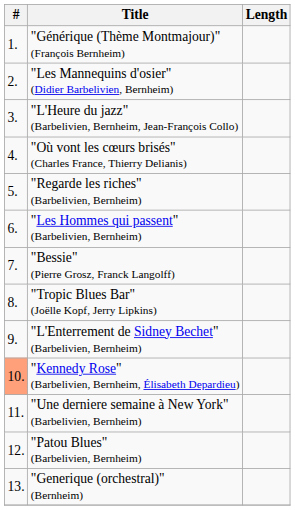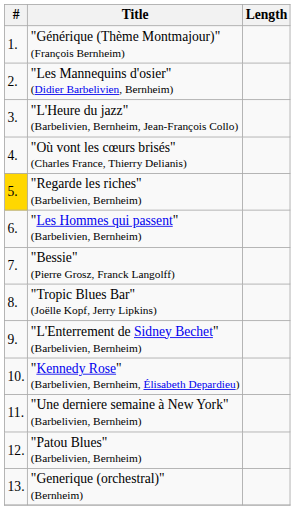 <table class="wikitable" size=80%>
 <tr>
 <th>#</th>
 <th>Title</th>
 <th>Length</th>
 </tr>
 <tr>
 <td>1.</td>
 <td>"Générique (Thème Montmajour)" <br><small>(François Bernheim)</small></td>
 <td></td>
 </tr>
 <tr>
 <td>2.</td>
 <td>"Les Mannequins d'osier" <br><small>(<a href='#'>Didier Barbelivien</a>, Bernheim)</small></td>
 <td></td>
 </tr>
 <tr>
 <td>3.</td>
 <td>"L'Heure du jazz" <br><small>(Barbelivien, Bernheim, Jean-François Collo)</small></td>
 <td></td>
 </tr>
 <tr>
 <td>4.</td>
 <td>"Où vont les cœurs brisés" <br><small>(Charles France, Thierry Delianis)</small></td>
 <td></td>
 </tr>
 <tr>
-<td>5.</td>
+<td style="background: gold;">5.</td>
 <td>"Regarde les riches" <br><small>(Barbelivien, Bernheim)</small></td>
 <td></td>
 </tr>
 <tr>
 <td>6.</td>
 <td>"<a href='#'>Les Hommes qui passent</a>" <br><small>(Barbelivien, Bernheim)</small></td>
 <td></td>
 </tr>
 <tr>
 <td>7.</td>
 <td>"Bessie" <br><small>(Pierre Grosz, Franck Langolff)</small></td>
 <td></td>
 </tr>
 <tr>
 <td>8.</td>
 <td>"Tropic Blues Bar" <br><small>(Joëlle Kopf, Jerry Lipkins)</small></td>
 <td></td>
 </tr>
 <tr>
 <td>9.</td>
 <td>"L'Enterrement de <a href='#'>Sidney Bechet</a>" <br><small>(Barbelivien, Bernheim)</small></td>
 <td></td>
 </tr>
 <tr>
-<td style="background: lightsalmon;">10.</td>
+<td>10.</td>
 <td>"<a href='#'>Kennedy Rose</a>" <br><small>(Barbelivien, Bernheim, <a href='#'>Élisabeth Depardieu</a>)</small></td>
 <td></td>
 </tr>
 <tr>
 <td>11.</td>
 <td>"Une derniere semaine à New York" <br><small>(Barbelivien, Bernheim)</small></td>
 <td></td>
 </tr>
 <tr>
 <td>12.</td>
 <td>"Patou Blues" <br><small>(Barbelivien, Bernheim)</small></td>
 <td></td>
 </tr>
 <tr>
 <td>13.</td>
 <td>"Generique (orchestral)" <br><small>(Bernheim)</small></td>
 <td></td>
 </tr>
 <tr>
 </tr>
 </table>
